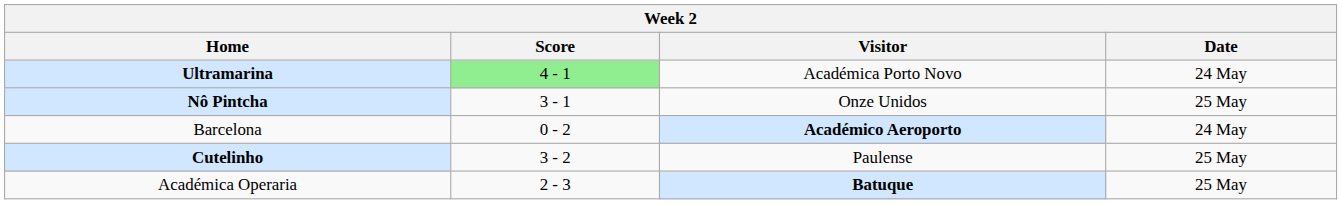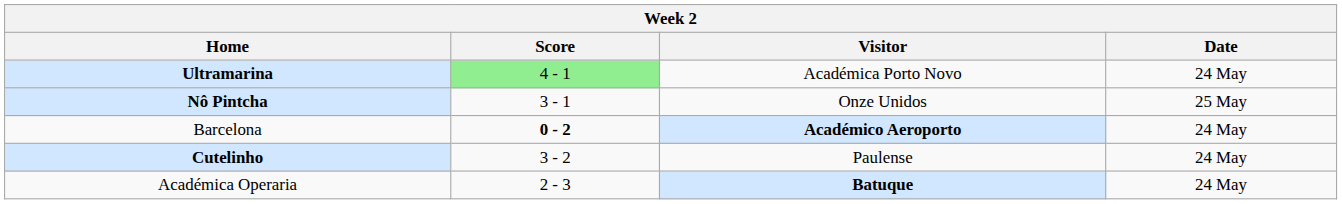 <table class="wikitable" style="font-size:95%; text-align: center; width: 95%;">
 <tr>
 <th colspan="12" style="with: 100%;" align=center>Week 2</th>
 </tr>
 <tr>
 <th width="200">Home</th>
 <th width="90">Score</th>
 <th width="200">Visitor</th>
 <th width="100">Date</th>
 </tr>
 <tr align=center>
 <td bgcolor=#D0E7FF><strong>Ultramarina</strong></td>
 <td style="background: lightgreen;">4 - 1</td>
 <td>Académica Porto Novo</td>
 <td>24 May</td>
 </tr>
 <tr align=center>
 <td bgcolor=#D0E7FF><strong>Nô Pintcha</strong></td>
 <td>3 - 1</td>
 <td>Onze Unidos</td>
 <td>25 May</td>
 </tr>
 <tr align=center>
 <td>Barcelona</td>
-<td>0 - 2</td>
+<td><strong>0 - 2</strong></td>
 <td bgcolor=#D0E7FF><strong>Académico Aeroporto</strong></td>
 <td>24 May</td>
 </tr>
 <tr align=center>
 <td bgcolor=#D0E7FF><strong>Cutelinho</strong></td>
 <td>3 - 2</td>
 <td>Paulense</td>
-<td>25 May</td>
+<td>24 May</td>
 </tr>
 <tr align=center>
 <td>Académica Operaria</td>
 <td>2 - 3</td>
 <td bgcolor=#D0E7FF><strong>Batuque</strong></td>
-<td>25 May</td>
+<td>24 May</td>
 </tr>
 </table>
